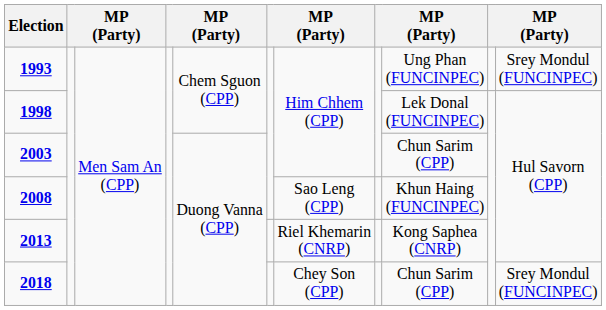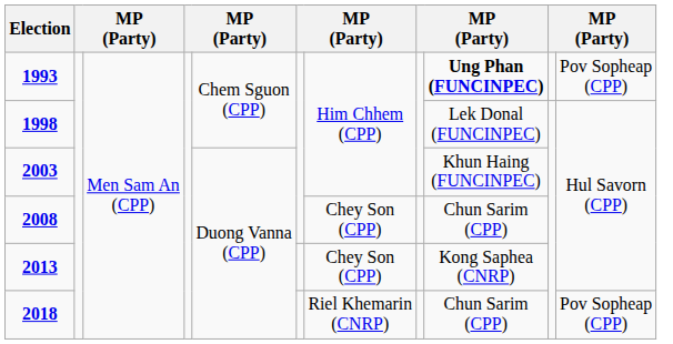 <table class="wikitable" style="text-align:center">
 <tr>
 <th>Election</th>
 <th colspan=2>MP<br>(Party)</th>
 <th colspan=2>MP<br>(Party)</th>
 <th colspan=2>MP<br>(Party)</th>
 <th colspan=2>MP<br>(Party)</th>
 <th colspan=2>MP<br>(Party)</th>
 </tr>
 <tr>
 <td><strong><a href='#'>1993</a></strong></td>
 <td rowspan=6; style="background-color: "></td>
 <td rowspan=6><a href='#'>Men Sam An</a><br>(<a href='#'>CPP</a>)</td>
 <td rowspan=6; style="background-color: "></td>
 <td rowspan=2>Chem Sguon<br>(<a href='#'>CPP</a>)</td>
 <td rowspan=4; style="background-color: "></td>
 <td rowspan=3><a href='#'>Him Chhem</a><br>(<a href='#'>CPP</a>)</td>
 <td rowspan=3; style="background-color: "></td>
-<td rowspan=1>Ung Phan<br>(<a href='#'>FUNCINPEC</a>)</td>
+<td rowspan=1><strong>Ung Phan<br>(<a href='#'>FUNCINPEC</a>)</strong></td>
 <td rowspan=1; style="background-color: "></td>
-<td rowspan=1>Srey Mondul<br>(<a href='#'>FUNCINPEC</a>)</td>
+<td rowspan=1>Pov Sopheap<br>(<a href='#'>CPP</a>)</td>
 </tr>
 <tr>
 <td><strong><a href='#'>1998</a></strong></td>
 <td rowspan=1>Lek Donal<br>(<a href='#'>FUNCINPEC</a>)</td>
 <td rowspan=5; style="background-color: "></td>
 <td rowspan=4>Hul Savorn<br>(<a href='#'>CPP</a>)</td>
 </tr>
 <tr>
 <td><strong><a href='#'>2003</a></strong></td>
 <td rowspan=4>Duong Vanna<br>(<a href='#'>CPP</a>)</td>
-<td rowspan=1>Chun Sarim<br>(<a href='#'>CPP</a>)</td>
+<td rowspan=1>Khun Haing<br>(<a href='#'>FUNCINPEC</a>)</td>
 </tr>
 <tr>
 <td><strong><a href='#'>2008</a></strong></td>
-<td rowspan=1>Sao Leng<br>(<a href='#'>CPP</a>)</td>
+<td rowspan=1>Chey Son<br>(<a href='#'>CPP</a>)</td>
 <td rowspan=1; style="background-color: "></td>
-<td rowspan=1>Khun Haing<br>(<a href='#'>FUNCINPEC</a>)</td>
+<td rowspan=1>Chun Sarim<br>(<a href='#'>CPP</a>)</td>
 </tr>
 <tr>
 <td><strong><a href='#'>2013</a></strong></td>
 <td rowspan=1; style="background-color: "></td>
-<td rowspan=1>Riel Khemarin<br>(<a href='#'>CNRP</a>)</td>
+<td rowspan=1>Chey Son<br>(<a href='#'>CPP</a>)</td>
 <td rowspan=1; style="background-color: "></td>
 <td rowspan=1>Kong Saphea<br>(<a href='#'>CNRP</a>)</td>
 </tr>
 <tr>
 <td><strong><a href='#'>2018</a></strong></td>
 <td rowspan=1; style="background-color: "></td>
-<td rowspan=1>Chey Son<br>(<a href='#'>CPP</a>)</td>
+<td rowspan=1>Riel Khemarin<br>(<a href='#'>CNRP</a>)</td>
 <td rowspan=1; style="background-color: "></td>
 <td rowspan=1>Chun Sarim<br>(<a href='#'>CPP</a>)</td>
-<td rowspan=1>Srey Mondul<br>(<a href='#'>FUNCINPEC</a>)</td>
+<td rowspan=1>Pov Sopheap<br>(<a href='#'>CPP</a>)</td>
 </tr>
 </table>
